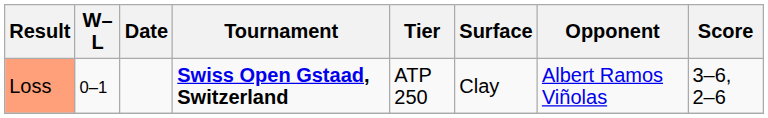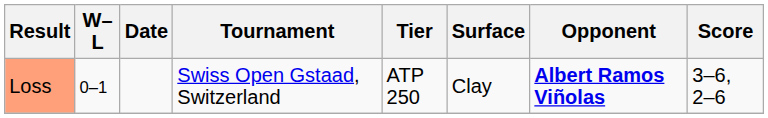 <table class="sortable wikitable nowrap">
 <tr>
 <th>Result</th>
 <th class="unsortable">W–L</th>
 <th>Date</th>
 <th>Tournament</th>
 <th>Tier</th>
 <th>Surface</th>
 <th>Opponent</th>
 <th class="unsortable">Score</th>
 </tr>
 <tr>
 <td bgcolor=FFA07A>Loss</td>
 <td><small>0–1</small></td>
 <td><a href='#'></a></td>
-<td><strong><a href='#'>Swiss Open Gstaad</a>, Switzerland</strong></td>
+<td><a href='#'>Swiss Open Gstaad</a>, Switzerland</td>
 <td>ATP 250</td>
 <td>Clay</td>
-<td> <a href='#'>Albert Ramos Viñolas</a></td>
+<td><strong> <a href='#'>Albert Ramos Viñolas</a></strong></td>
 <td>3–6, 2–6</td>
 </tr>
 <tr>
 </tr>
 </table>
